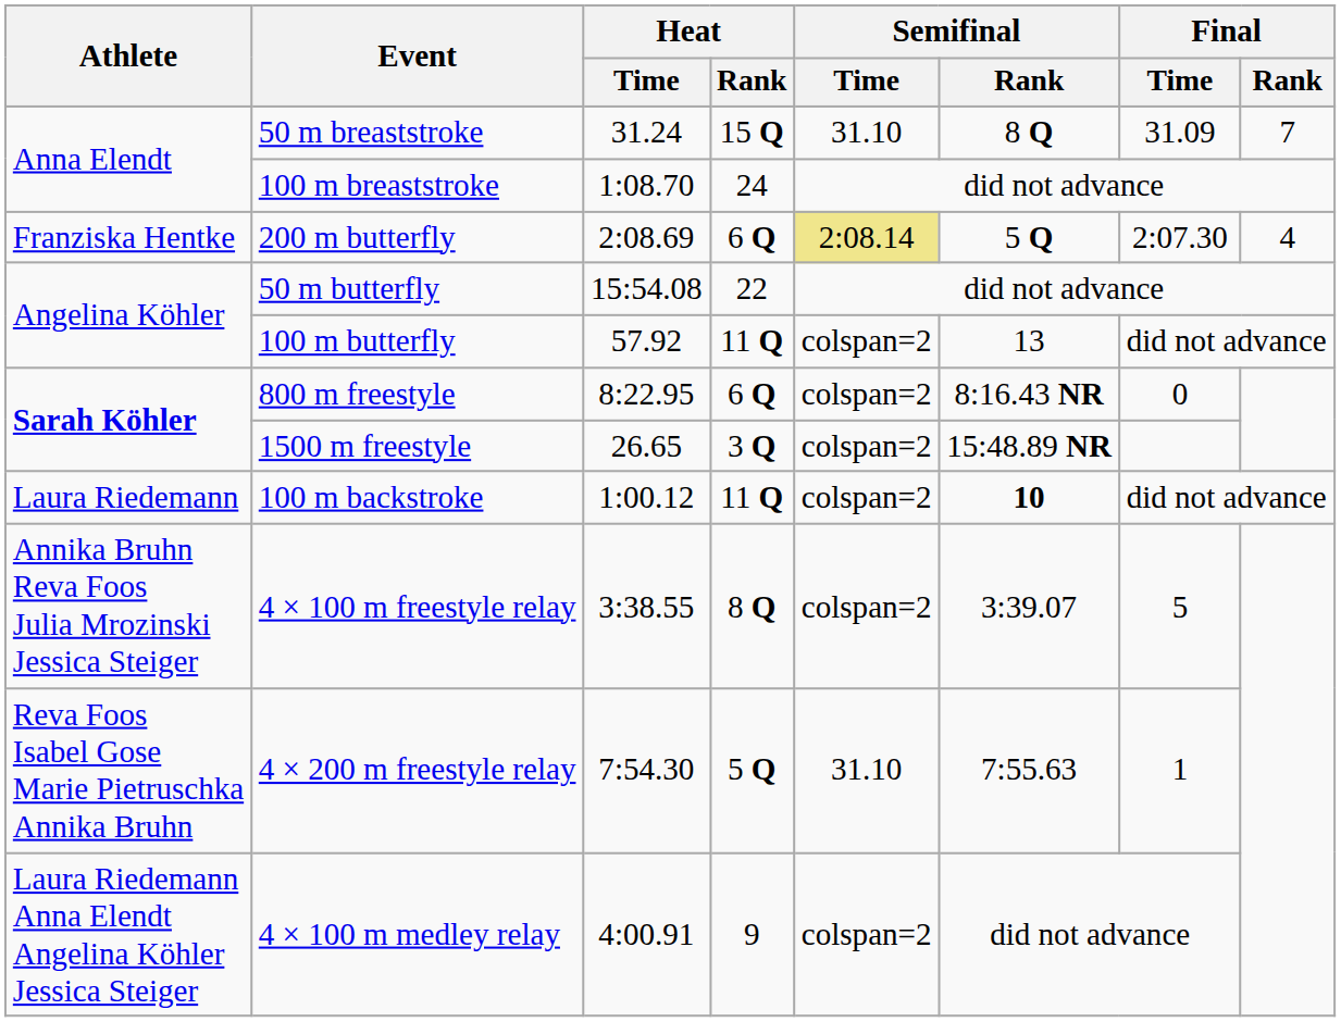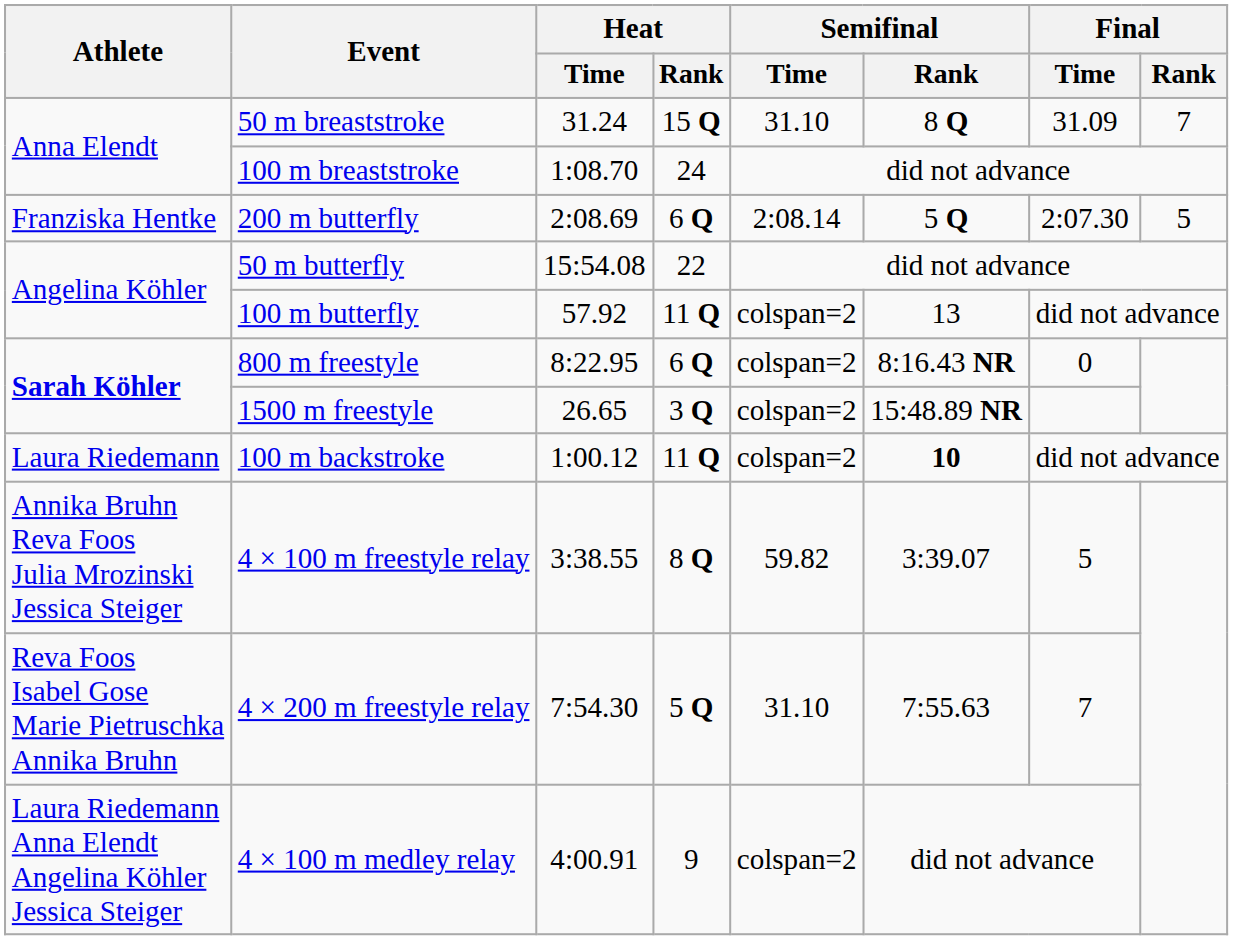 <table class=wikitable style="font-size:90%">
 <tr>
 <th rowspan="2">Athlete</th>
 <th rowspan="2">Event</th>
 <th colspan="2">Heat</th>
 <th colspan="2">Semifinal</th>
 <th colspan="2">Final</th>
 </tr>
 <tr style="font-size:95%">
 <th>Time</th>
 <th>Rank</th>
 <th>Time</th>
 <th>Rank</th>
 <th>Time</th>
 <th>Rank</th>
 </tr>
 <tr align=center>
 <td align=left rowspan=2><a href='#'>Anna Elendt</a></td>
 <td align=left><a href='#'>50 m breaststroke</a></td>
 <td>31.24</td>
 <td>15 <strong>Q</strong></td>
 <td>31.10</td>
 <td>8 <strong>Q</strong></td>
 <td>31.09</td>
 <td>7</td>
 </tr>
 <tr align=center>
 <td align=left><a href='#'>100 m breaststroke</a></td>
 <td>1:08.70</td>
 <td>24</td>
 <td colspan=4>did not advance</td>
 </tr>
 <tr align=center>
 <td align=left><a href='#'>Franziska Hentke</a></td>
 <td align=left><a href='#'>200 m butterfly</a></td>
 <td>2:08.69</td>
 <td>6 <strong>Q</strong></td>
-<td style="background: khaki;">2:08.14</td>
+<td>2:08.14</td>
 <td>5 <strong>Q</strong></td>
 <td>2:07.30</td>
-<td>4</td>
+<td>5</td>
 </tr>
 <tr align=center>
 <td align=left rowspan=2><a href='#'>Angelina Köhler</a></td>
 <td align=left><a href='#'>50 m butterfly</a></td>
 <td>15:54.08</td>
 <td>22</td>
 <td colspan=4>did not advance</td>
 </tr>
 <tr align=center>
 <td align=left><a href='#'>100 m butterfly</a></td>
 <td>57.92</td>
 <td>11 <strong>Q</strong></td>
 <td>colspan=2 </td>
 <td>13</td>
 <td colspan=2>did not advance</td>
 </tr>
 <tr align=center>
 <td align=left rowspan=2><strong><a href='#'>Sarah Köhler</a></strong></td>
 <td align=left><a href='#'>800 m freestyle</a></td>
 <td>8:22.95</td>
 <td>6 <strong>Q</strong></td>
 <td>colspan=2 </td>
 <td>8:16.43 <strong>NR</strong></td>
 <td>0</td>
 </tr>
 <tr align=center>
 <td align=left><a href='#'>1500 m freestyle</a></td>
 <td>26.65</td>
 <td>3 <strong>Q</strong></td>
 <td>colspan=2 </td>
 <td>15:48.89 <strong>NR</strong></td>
 <td></td>
 </tr>
 <tr align=center>
 <td align=left><a href='#'>Laura Riedemann</a></td>
 <td align=left><a href='#'>100 m backstroke</a></td>
 <td>1:00.12</td>
 <td>11 <strong>Q</strong></td>
 <td>colspan=2 </td>
 <td><strong>10</strong></td>
 <td colspan=2>did not advance</td>
 </tr>
 <tr align=center>
 <td align=left><a href='#'>Annika Bruhn</a><br><a href='#'>Reva Foos</a><br><a href='#'>Julia Mrozinski</a><br><a href='#'>Jessica Steiger</a></td>
 <td align=left><a href='#'>4 × 100 m freestyle relay</a></td>
 <td>3:38.55</td>
 <td>8 <strong>Q</strong></td>
-<td>colspan=2 </td>
+<td>59.82</td>
 <td>3:39.07</td>
 <td>5</td>
 </tr>
 <tr align=center>
 <td align=left><a href='#'>Reva Foos</a><br><a href='#'>Isabel Gose</a><br><a href='#'>Marie Pietruschka</a><br><a href='#'>Annika Bruhn</a></td>
 <td align=left><a href='#'>4 × 200 m freestyle relay</a></td>
 <td>7:54.30</td>
 <td>5 <strong>Q</strong></td>
 <td>31.10</td>
 <td>7:55.63</td>
-<td>1</td>
+<td>7</td>
 </tr>
 <tr align=center>
 <td align=left><a href='#'>Laura Riedemann</a><br><a href='#'>Anna Elendt</a><br><a href='#'>Angelina Köhler</a><br><a href='#'>Jessica Steiger</a></td>
 <td align=left><a href='#'>4 × 100 m medley relay</a></td>
 <td>4:00.91</td>
 <td>9</td>
 <td>colspan=2 </td>
 <td colspan=2>did not advance</td>
 </tr>
 </table>
